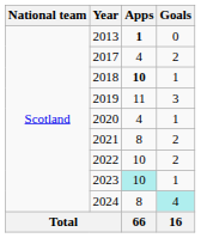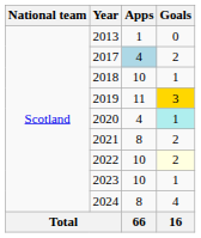 <table class="wikitable" style="text-align:center">
 <tr>
 <th>National team</th>
 <th>Year</th>
 <th>Apps</th>
 <th>Goals</th>
 </tr>
 <tr>
 <td rowspan="9"><a href='#'>Scotland</a></td>
 <td>2013</td>
-<td><strong>1</strong></td>
+<td>1</td>
 <td>0</td>
 </tr>
 <tr>
 <td>2017</td>
-<td>4</td>
+<td style="background: lightblue;">4</td>
 <td>2</td>
 </tr>
 <tr>
 <td>2018</td>
-<td><strong>10</strong></td>
+<td>10</td>
 <td>1</td>
 </tr>
 <tr>
 <td>2019</td>
 <td>11</td>
-<td>3</td>
+<td style="background: gold;">3</td>
 </tr>
 <tr>
 <td>2020</td>
 <td>4</td>
-<td>1</td>
+<td style="background: paleturquoise;">1</td>
 </tr>
 <tr>
 <td>2021</td>
 <td>8</td>
 <td>2</td>
 </tr>
 <tr>
 <td>2022</td>
 <td>10</td>
-<td>2</td>
+<td style="background: lightyellow;">2</td>
 </tr>
 <tr>
 <td>2023</td>
-<td style="background: paleturquoise;">10</td>
+<td>10</td>
 <td>1</td>
 </tr>
 <tr>
 <td>2024</td>
 <td>8</td>
-<td style="background: paleturquoise;">4</td>
+<td>4</td>
 </tr>
 <tr>
 <th colspan=2>Total</th>
 <th>66</th>
 <th>16</th>
 </tr>
 </table>
